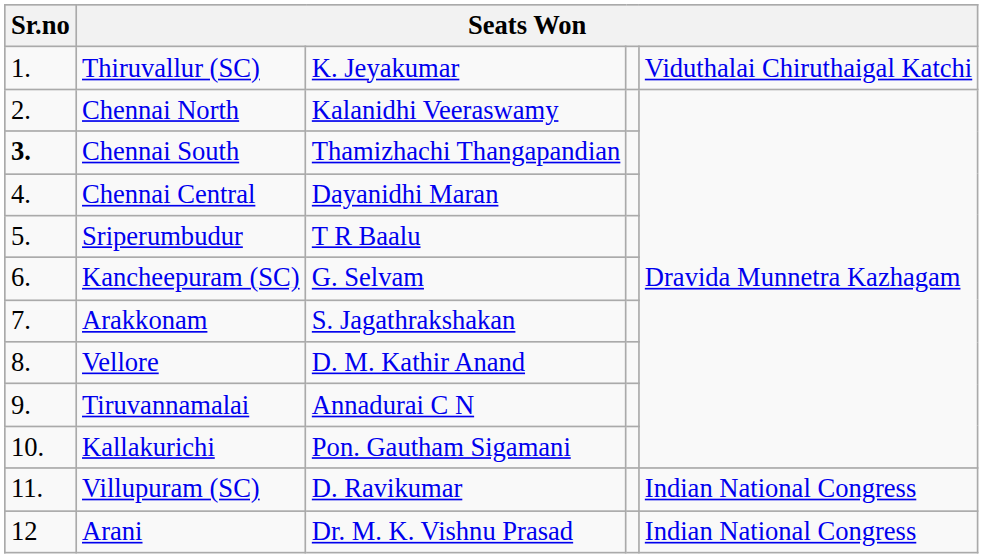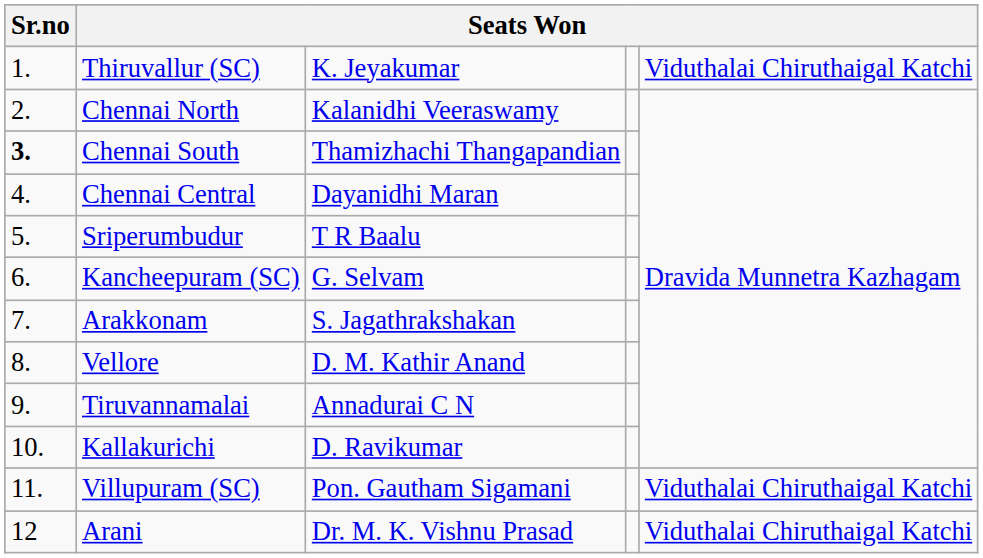 <table class="wikitable">
 <tr>
 <th>Sr.no</th>
 <th colspan="4">Seats Won</th>
 </tr>
 <tr>
 <td>1.</td>
 <td><a href='#'>Thiruvallur (SC)</a></td>
 <td><a href='#'>K. Jeyakumar</a></td>
 <td></td>
 <td><a href='#'>Viduthalai Chiruthaigal Katchi</a></td>
 </tr>
 <tr>
 <td>2.</td>
 <td><a href='#'>Chennai North</a></td>
 <td><a href='#'>Kalanidhi Veeraswamy</a></td>
 <td></td>
 <td rowspan=9><a href='#'>Dravida Munnetra Kazhagam</a></td>
 </tr>
 <tr>
 <td><strong>3.</strong></td>
 <td><a href='#'>Chennai South</a></td>
 <td><a href='#'>Thamizhachi Thangapandian</a></td>
 <td></td>
 </tr>
 <tr>
 <td>4.</td>
 <td><a href='#'>Chennai Central</a></td>
 <td><a href='#'>Dayanidhi Maran</a></td>
 <td></td>
 </tr>
 <tr>
 <td>5.</td>
 <td><a href='#'>Sriperumbudur</a></td>
 <td><a href='#'>T R Baalu</a></td>
 <td></td>
 </tr>
 <tr>
 <td>6.</td>
 <td><a href='#'>Kancheepuram (SC)</a></td>
 <td><a href='#'>G. Selvam</a></td>
 <td></td>
 </tr>
 <tr>
 <td>7.</td>
 <td><a href='#'>Arakkonam</a></td>
 <td><a href='#'>S. Jagathrakshakan</a></td>
 <td></td>
 </tr>
 <tr>
 <td>8.</td>
 <td><a href='#'>Vellore</a></td>
 <td><a href='#'>D. M. Kathir Anand</a></td>
 <td></td>
 </tr>
 <tr>
 <td>9.</td>
 <td><a href='#'>Tiruvannamalai</a></td>
 <td><a href='#'>Annadurai C N</a></td>
 <td></td>
 </tr>
 <tr>
 <td>10.</td>
 <td><a href='#'>Kallakurichi</a></td>
-<td><a href='#'>Pon. Gautham Sigamani</a></td>
+<td><a href='#'>D. Ravikumar</a></td>
 <td></td>
 </tr>
 <tr>
 <td>11.</td>
 <td><a href='#'>Villupuram (SC)</a></td>
-<td><a href='#'>D. Ravikumar</a></td>
+<td><a href='#'>Pon. Gautham Sigamani</a></td>
 <td></td>
-<td><a href='#'>Indian National Congress</a></td>
+<td><a href='#'>Viduthalai Chiruthaigal Katchi</a></td>
 </tr>
 <tr>
 <td>12</td>
 <td><a href='#'>Arani</a></td>
 <td><a href='#'>Dr. M. K. Vishnu Prasad</a></td>
 <td></td>
-<td><a href='#'>Indian National Congress</a></td>
+<td><a href='#'>Viduthalai Chiruthaigal Katchi</a></td>
 </tr>
 </table>
